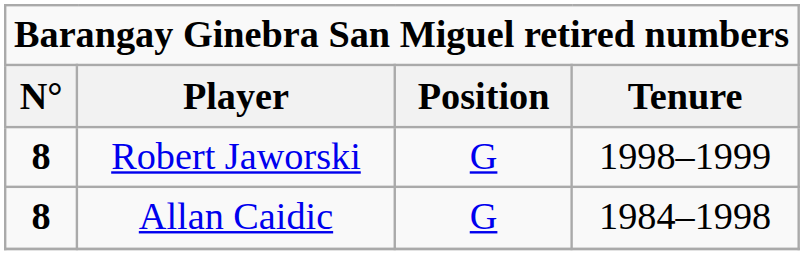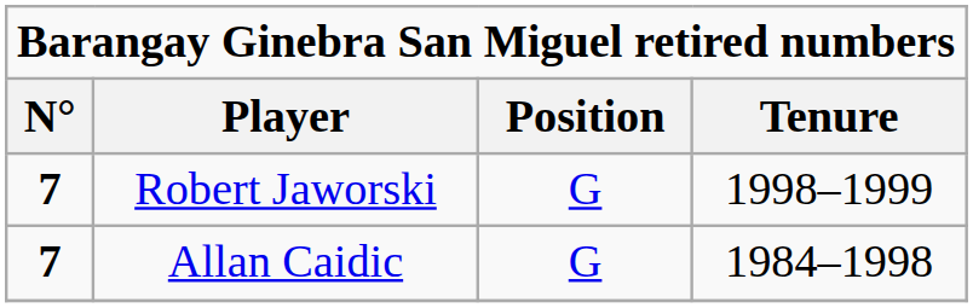 <table class="wikitable sortable" style="text-align:center">
 <tr>
 <td colspan="4"><strong>Barangay Ginebra San Miguel retired numbers</strong></td>
 </tr>
 <tr>
 <th>N°</th>
 <th>Player</th>
 <th>Position</th>
 <th>Tenure</th>
 </tr>
 <tr>
-<td><strong>8</strong></td>
+<td><strong>7</strong></td>
 <td><a href='#'>Robert Jaworski</a></td>
 <td><a href='#'>G</a></td>
 <td>1998–1999</td>
 </tr>
 <tr>
-<td><strong>8</strong></td>
+<td><strong>7</strong></td>
 <td><a href='#'>Allan Caidic</a></td>
 <td><a href='#'>G</a></td>
 <td>1984–1998</td>
 </tr>
 <tr>
 </tr>
 </table>
